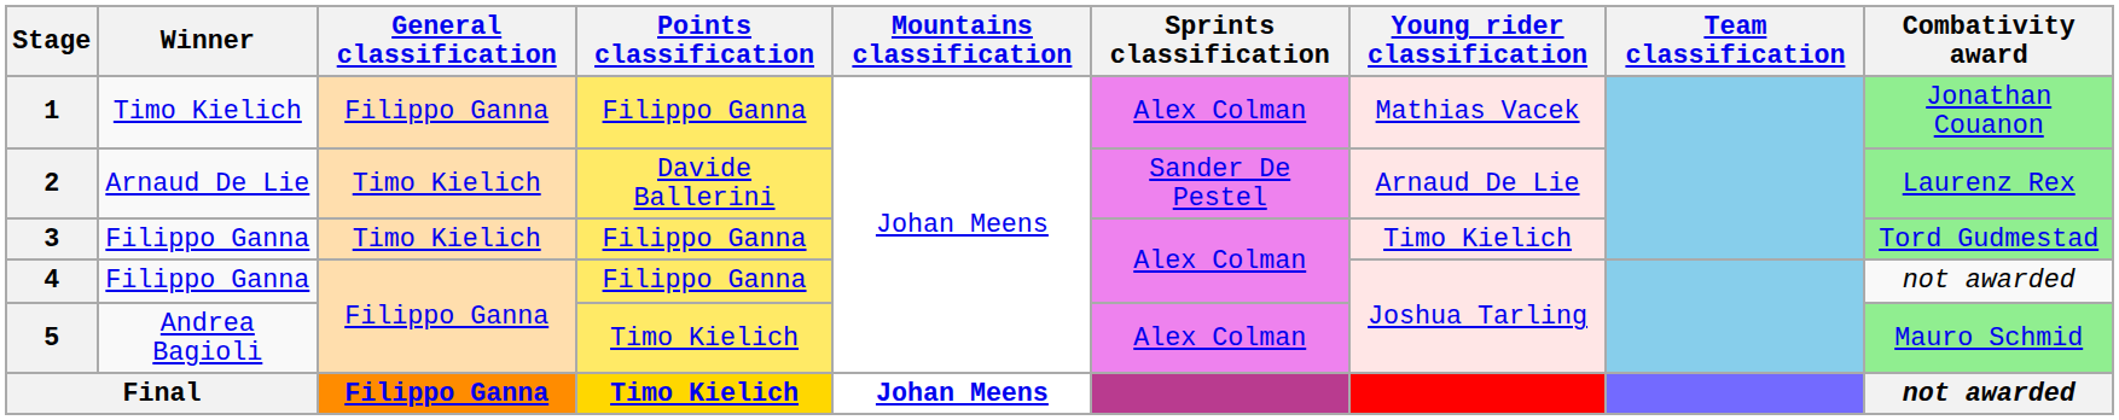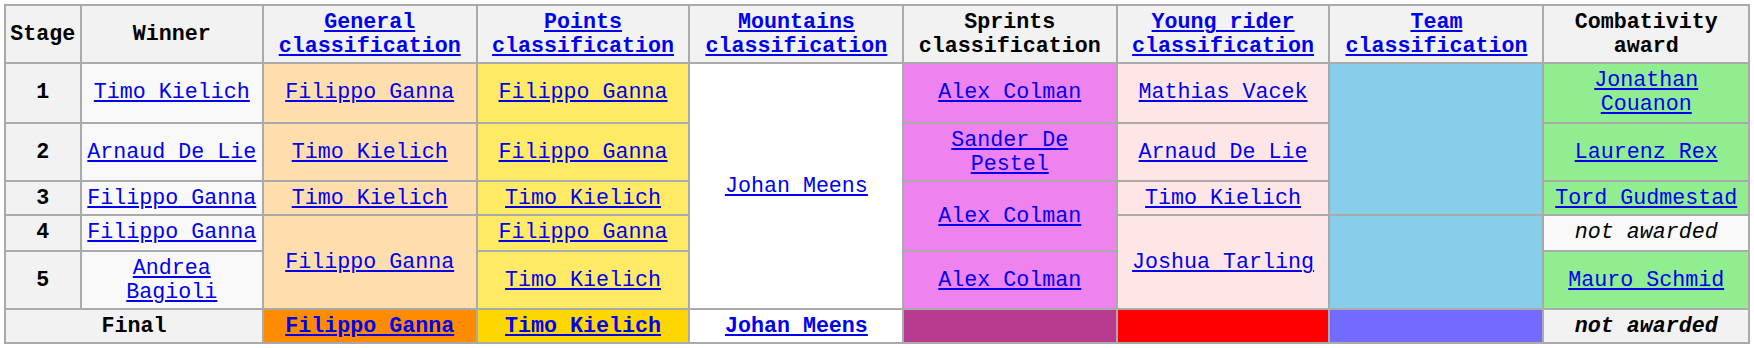 <table class="wikitable" style="text-align: center; font-size:smaller;">
 <tr style="background:#efefef;">
 <th scope="col" style="width:1%;">Stage</th>
 <th scope="col" style="width:11.5%;">Winner</th>
 <th scope="col" style="width:12.5%;"><a href='#'>General classification</a><br></th>
 <th scope="col" style="width:12.5%;"><a href='#'>Points classification</a><br></th>
 <th scope="col" style="width:12.5%;"><a href='#'>Mountains classification</a><br></th>
 <th scope="col" style="width:12.5%;">Sprints classification<br></th>
 <th scope="col" style="width:12.5%;"><a href='#'>Young rider classification</a><br></th>
 <th scope="col" style="width:12.5%;"><a href='#'>Team classification</a></th>
 <th scope="col" style="width:12.5%;">Combativity award</th>
 </tr>
 <tr>
 <th>1</th>
 <td><a href='#'>Timo Kielich</a></td>
 <td style="background:navajowhite;"><a href='#'>Filippo Ganna</a></td>
 <td style="background:#FFEA66;"><a href='#'>Filippo Ganna</a></td>
 <td style="background:white;" rowspan=5><a href='#'>Johan Meens</a></td>
 <td style="background:violet;"><a href='#'>Alex Colman</a></td>
 <td style="background:#FFE6E6;"><a href='#'>Mathias Vacek</a></td>
 <td style="background:skyblue;" rowspan=3></td>
 <td style="background:lightgreen;"><a href='#'>Jonathan Couanon</a></td>
 </tr>
 <tr>
 <th>2</th>
 <td><a href='#'>Arnaud De Lie</a></td>
 <td style="background:navajowhite;"><a href='#'>Timo Kielich</a></td>
-<td style="background:#FFEA66;"><a href='#'>Davide Ballerini</a></td>
+<td style="background:#FFEA66;"><a href='#'>Filippo Ganna</a></td>
 <td style="background:violet;"><a href='#'>Sander De Pestel</a></td>
 <td style="background:#FFE6E6;"><a href='#'>Arnaud De Lie</a></td>
 <td style="background:lightgreen;"><a href='#'>Laurenz Rex</a></td>
 </tr>
 <tr>
 <th>3</th>
 <td><a href='#'>Filippo Ganna</a></td>
 <td style="background:navajowhite;"><a href='#'>Timo Kielich</a></td>
-<td style="background:#FFEA66;"><a href='#'>Filippo Ganna</a></td>
+<td style="background:#FFEA66;"><a href='#'>Timo Kielich</a></td>
 <td style="background:violet;" rowspan=2><a href='#'>Alex Colman</a></td>
 <td style="background:#FFE6E6;"><a href='#'>Timo Kielich</a></td>
 <td style="background:lightgreen;"><a href='#'>Tord Gudmestad</a></td>
 </tr>
 <tr>
 <th>4</th>
 <td><a href='#'>Filippo Ganna</a></td>
 <td style="background:navajowhite;" rowspan=2><a href='#'>Filippo Ganna</a></td>
 <td style="background:#FFEA66;"><a href='#'>Filippo Ganna</a></td>
 <td style="background:#FFE6E6;" rowspan=2><a href='#'>Joshua Tarling</a></td>
 <td style="background:skyblue;" rowspan=2></td>
 <td><em>not awarded</em></td>
 </tr>
 <tr>
 <th>5</th>
 <td><a href='#'>Andrea Bagioli</a></td>
 <td style="background:#FFEA66;"><a href='#'>Timo Kielich</a></td>
 <td style="background:violet;"><a href='#'>Alex Colman</a></td>
 <td style="background:lightgreen;"><a href='#'>Mauro Schmid</a></td>
 </tr>
 <tr>
 <th colspan="2">Final</th>
 <th style="background:#FF8C00;"><a href='#'>Filippo Ganna</a></th>
 <th style="background:gold;"><a href='#'>Timo Kielich</a></th>
 <th style="background:white;"><a href='#'>Johan Meens</a></th>
 <th style="background:#B93B8F;"></th>
 <th style="background:#f00;"></th>
 <th style="background:#736aff;"></th>
 <th><em>not awarded</em></th>
 </tr>
 </table>
